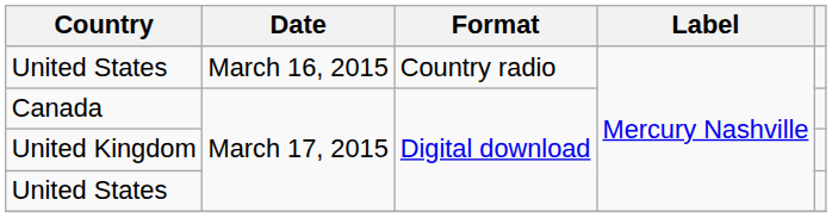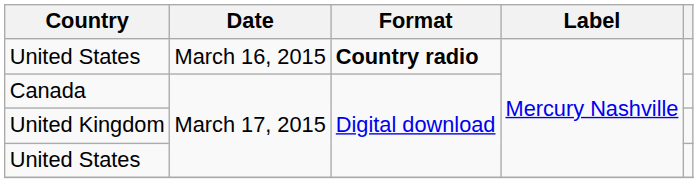 <table class="wikitable">
 <tr>
 <th>Country</th>
 <th>Date</th>
 <th>Format</th>
 <th>Label</th>
 <th></th>
 </tr>
 <tr>
 <td>United States</td>
 <td>March 16, 2015</td>
-<td>Country radio</td>
+<td><strong>Country radio</strong></td>
 <td rowspan="4"><a href='#'>Mercury Nashville</a></td>
 <td></td>
 </tr>
 <tr>
 <td>Canada</td>
 <td rowspan="3">March 17, 2015</td>
 <td rowspan="3"><a href='#'>Digital download</a></td>
 <td></td>
 </tr>
 <tr>
 <td>United Kingdom</td>
 <td></td>
 </tr>
 <tr>
 <td>United States</td>
 <td></td>
 </tr>
 <tr>
 </tr>
 </table>
